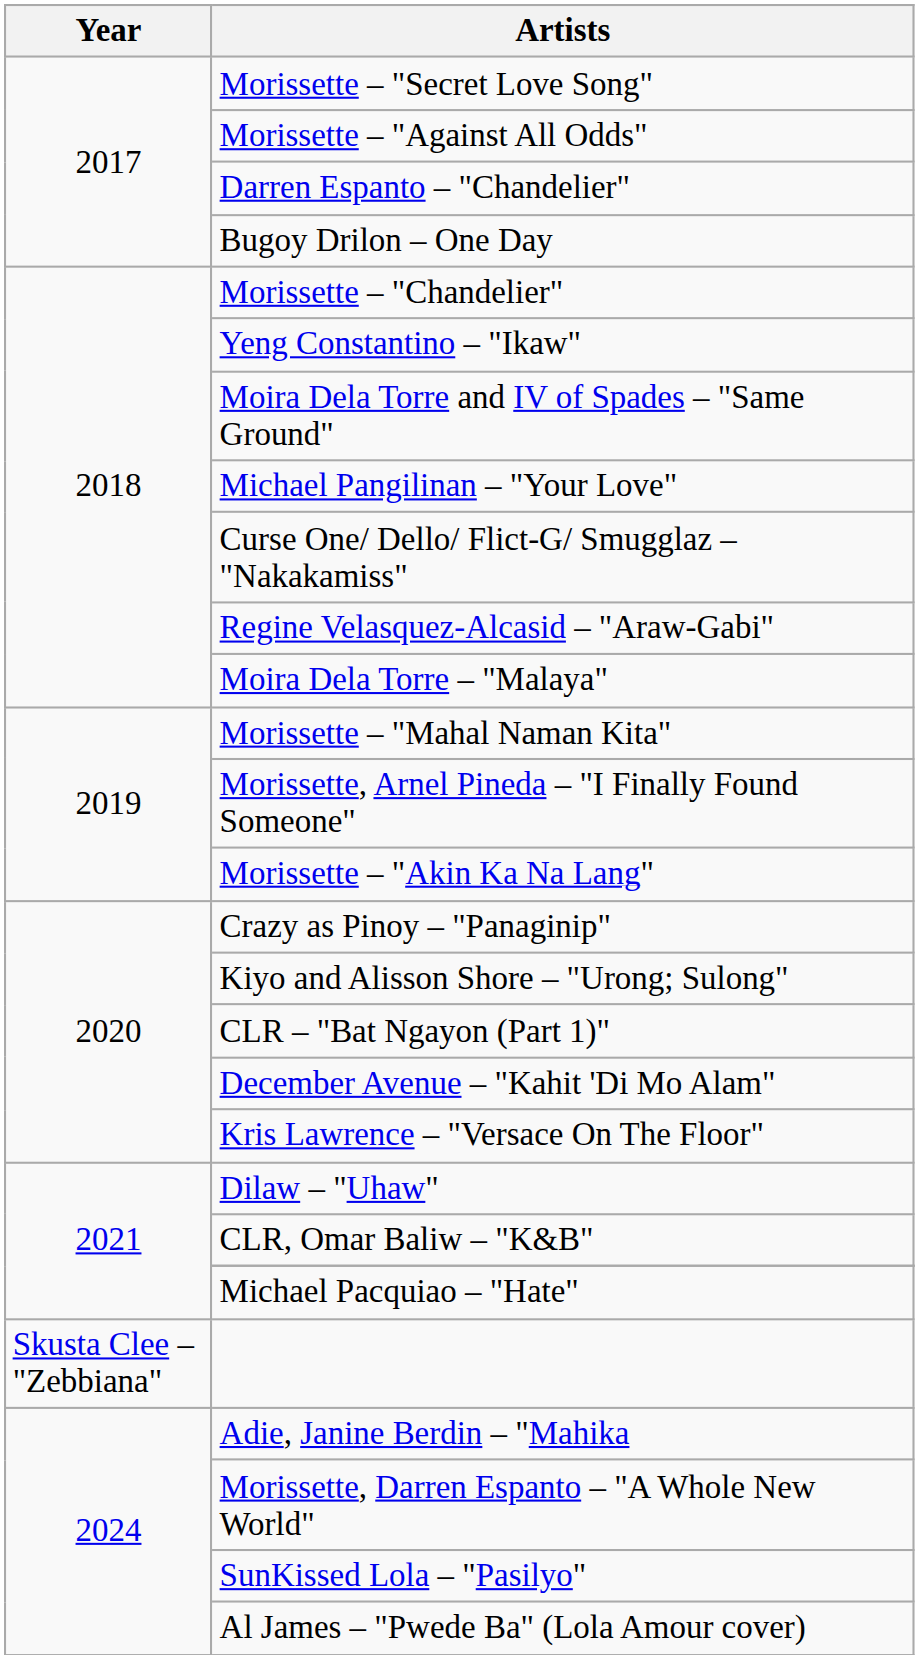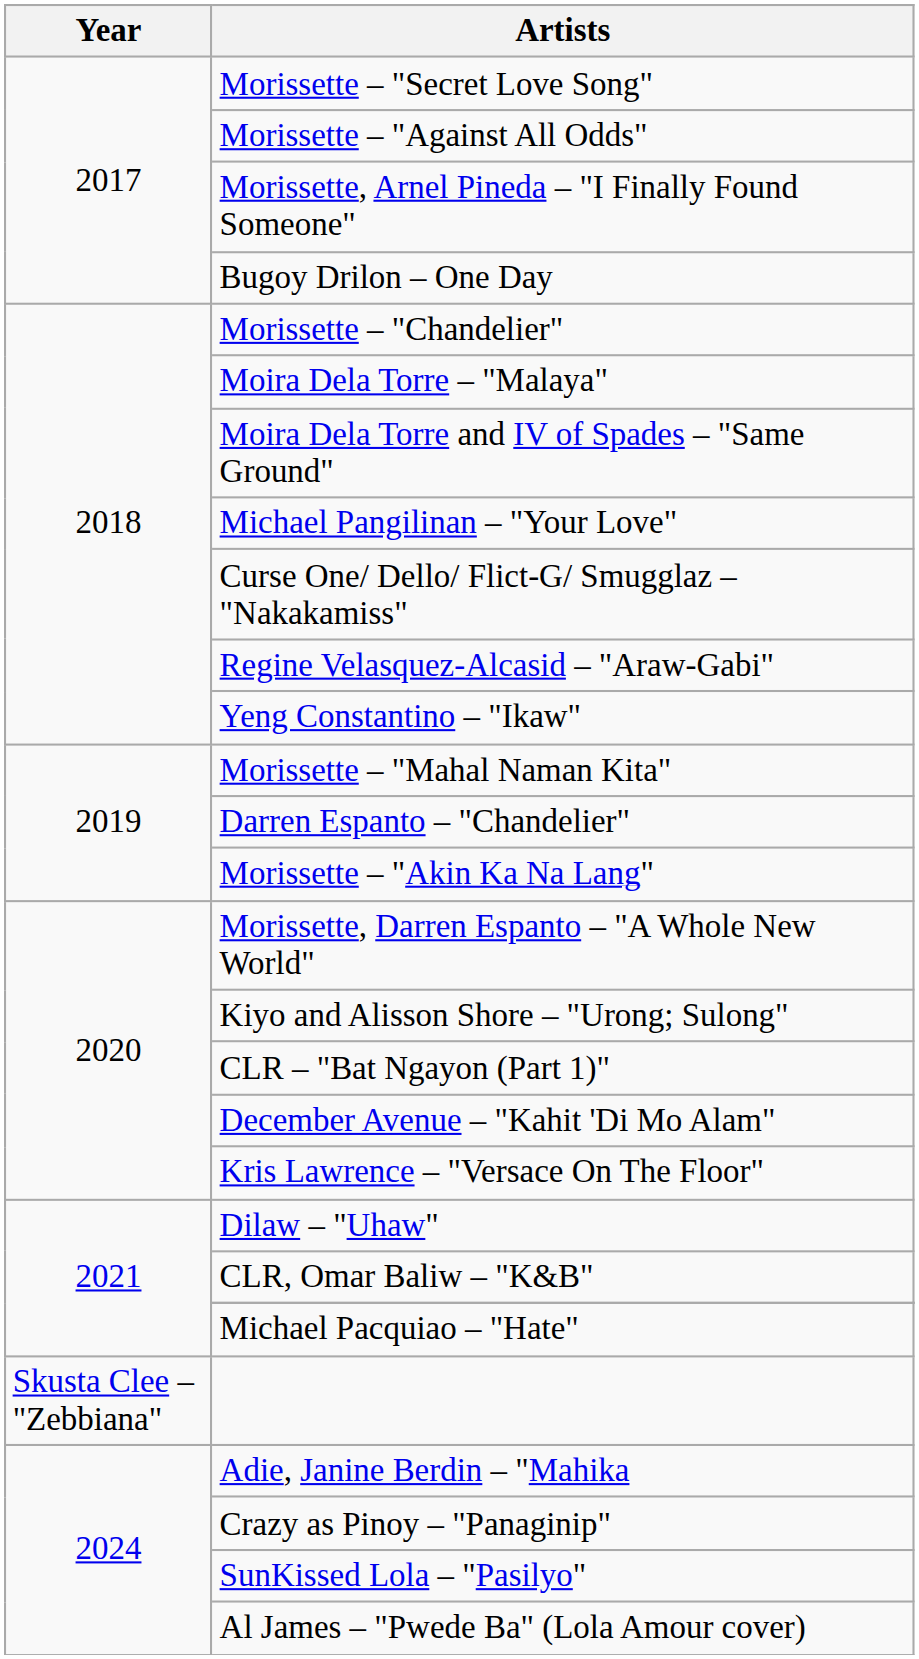 <table class="wikitable sortable"  style="width:50%;">
 <tr>
 <th width=5%  scope="col">Year</th>
 <th ! width=40%  scope="col">Artists</th>
 </tr>
 <tr>
 <td rowspan=4 align="center">2017</td>
 <td><a href='#'>Morissette</a> –  "Secret Love Song"</td>
 </tr>
 <tr>
 <td><a href='#'>Morissette</a> – "Against All Odds"</td>
 </tr>
 <tr>
-<td><a href='#'>Darren Espanto</a> – "Chandelier"</td>
+<td><a href='#'>Morissette</a>, <a href='#'>Arnel Pineda</a> –  "I Finally Found Someone"</td>
 </tr>
 <tr>
 <td>Bugoy Drilon – One Day</td>
 </tr>
 <tr>
 <td rowspan=7 align="center">2018</td>
 <td><a href='#'>Morissette</a> – "Chandelier"</td>
 </tr>
 <tr>
-<td><a href='#'>Yeng Constantino</a> – "Ikaw"</td>
+<td><a href='#'>Moira Dela Torre</a> – "Malaya"</td>
 </tr>
 <tr>
 <td><a href='#'>Moira Dela Torre</a> and <a href='#'>IV of Spades</a> – "Same Ground"</td>
 </tr>
 <tr>
 <td><a href='#'>Michael Pangilinan</a> – "Your Love"</td>
 </tr>
 <tr>
 <td>Curse One/ Dello/ Flict-G/ Smugglaz – "Nakakamiss"</td>
 </tr>
 <tr>
 <td><a href='#'>Regine Velasquez-Alcasid</a> – "Araw-Gabi"</td>
 </tr>
 <tr>
-<td><a href='#'>Moira Dela Torre</a> – "Malaya"</td>
+<td><a href='#'>Yeng Constantino</a> – "Ikaw"</td>
 </tr>
 <tr>
 <td rowspan="3" align="center">2019</td>
 <td><a href='#'>Morissette</a> –  "Mahal Naman Kita"</td>
 </tr>
 <tr>
-<td><a href='#'>Morissette</a>, <a href='#'>Arnel Pineda</a> –  "I Finally Found Someone"</td>
+<td><a href='#'>Darren Espanto</a> – "Chandelier"</td>
 </tr>
 <tr>
 <td><a href='#'>Morissette</a> –  "<a href='#'>Akin Ka Na Lang</a>"</td>
 </tr>
 <tr>
 <td rowspan=5 align="center">2020</td>
-<td>Crazy as Pinoy – "Panaginip"</td>
+<td><a href='#'>Morissette</a>, <a href='#'>Darren Espanto</a> – "A Whole New World"</td>
 </tr>
 <tr>
 <td>Kiyo and Alisson Shore – "Urong; Sulong"</td>
 </tr>
 <tr>
 <td>CLR – "Bat Ngayon (Part 1)"</td>
 </tr>
 <tr>
 <td><a href='#'>December Avenue</a> – "Kahit 'Di Mo Alam"</td>
 </tr>
 <tr>
 <td><a href='#'>Kris Lawrence</a> – "Versace On The Floor"</td>
 </tr>
 <tr>
 <td rowspan=4 align="center"><a href='#'>2021</a></td>
 <td><a href='#'>Dilaw</a> – "<a href='#'>Uhaw</a>"</td>
 </tr>
 <tr>
 <td>CLR, Omar Baliw – "K&B"</td>
 </tr>
 <tr>
 </tr>
 <tr>
 <td>Michael Pacquiao – "Hate"</td>
 </tr>
 <tr>
 <td><a href='#'>Skusta Clee</a> – "Zebbiana"</td>
 </tr>
 <tr>
 <td rowspan=4 align="center"><a href='#'>2024</a></td>
 <td><a href='#'>Adie</a>, <a href='#'>Janine Berdin</a> – "<a href='#'>Mahika</a></td>
 </tr>
 <tr>
-<td><a href='#'>Morissette</a>, <a href='#'>Darren Espanto</a> – "A Whole New World"</td>
+<td>Crazy as Pinoy – "Panaginip"</td>
 </tr>
 <tr>
 <td><a href='#'>SunKissed Lola</a> – "<a href='#'>Pasilyo</a>"</td>
 </tr>
 <tr>
 <td>Al James – "Pwede Ba" (Lola Amour cover)</td>
 </tr>
 </table>
